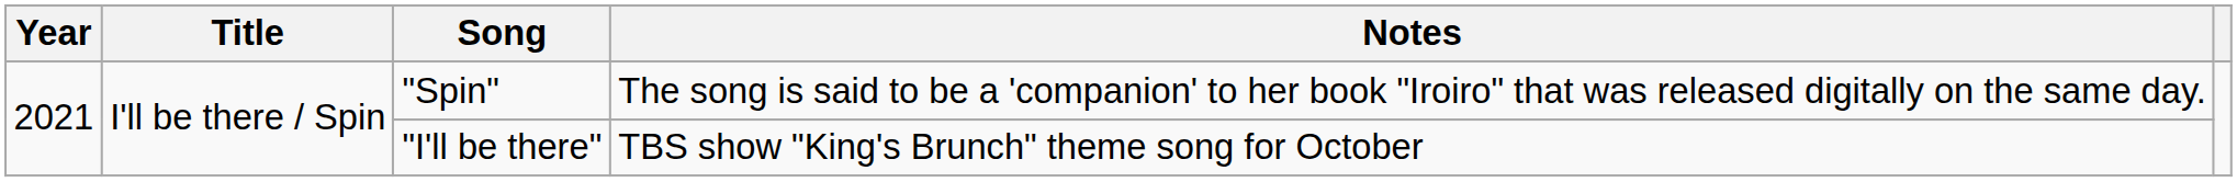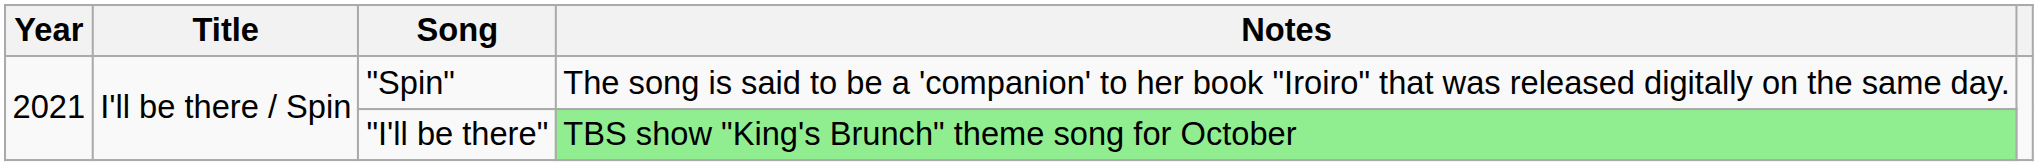 <table class="wikitable">
 <tr>
 <th>Year</th>
 <th>Title</th>
 <th>Song</th>
 <th>Notes</th>
 <th></th>
 </tr>
 <tr>
 <td rowspan="2">2021</td>
 <td rowspan="2">I'll be there  /  Spin</td>
 <td>"Spin"</td>
 <td>The song is said to be a 'companion' to her book "Iroiro" that was released digitally on the same day.</td>
 <td rowspan="2"></td>
 </tr>
 <tr>
 <td>"I'll be there"</td>
-<td>TBS show "King's Brunch" theme song for October</td>
+<td style="background: lightgreen;">TBS show "King's Brunch" theme song for October</td>
 </tr>
 </table>
